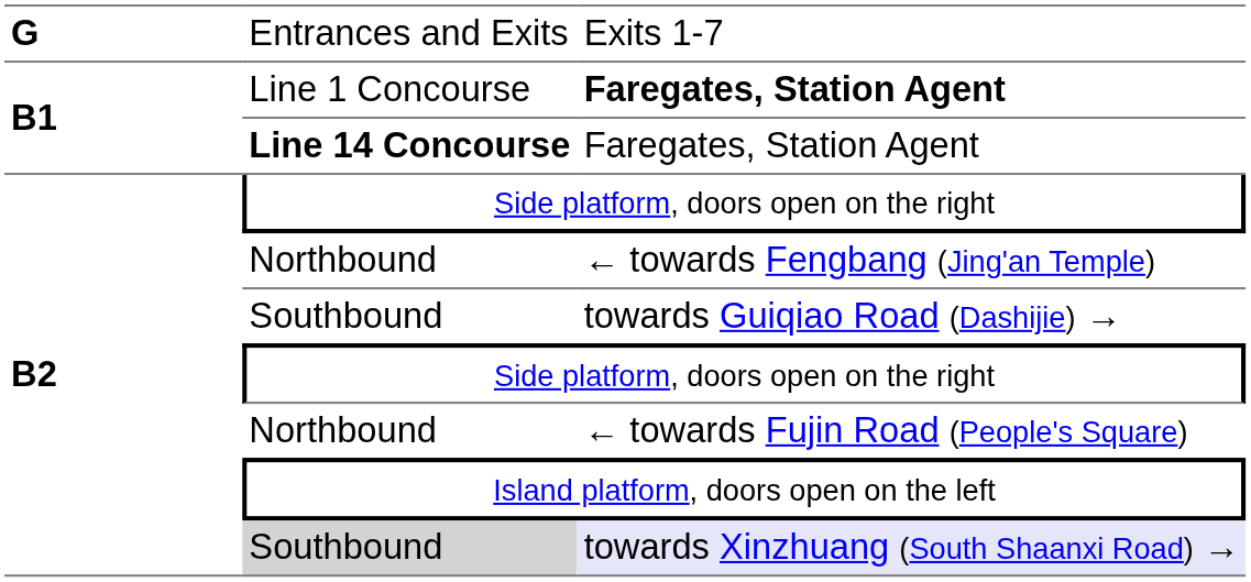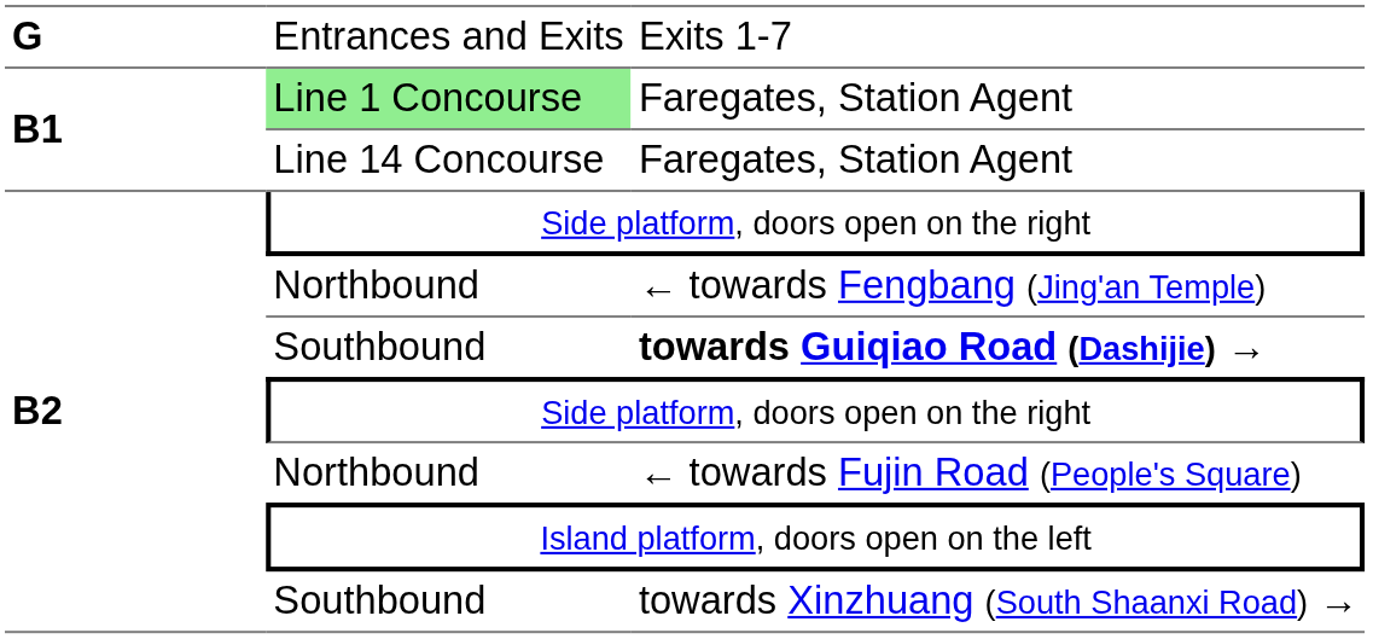 <table cellspacing=0 cellpadding=3>
 <tr>
 <td style="border-top:solid 1px gray;border-bottom:solid 1px gray;" width=100><strong>G</strong></td>
 <td style="border-top:solid 1px gray;border-bottom:solid 1px gray;">Entrances and Exits</td>
 <td style="border-top:solid 1px gray;border-bottom:solid 1px gray;">Exits 1-7</td>
 </tr>
 <tr>
 <td style="border-bottom:solid 1px gray;" rowspan=2><strong>B1</strong></td>
-<td style="border-bottom:solid 1px gray;">Line 1 Concourse</td>
-<td style="border-bottom:solid 1px gray;"><strong>Faregates, Station Agent</strong></td>
+<td style="background: lightgreen; border-bottom:solid 1px gray;">Line 1 Concourse</td>
+<td style="border-bottom:solid 1px gray;">Faregates, Station Agent</td>
 </tr>
 <tr>
-<td style="border-bottom:solid 1px gray;"><strong>Line 14 Concourse</strong></td>
+<td style="border-bottom:solid 1px gray;">Line 14 Concourse</td>
 <td style="border-bottom:solid 1px gray;">Faregates, Station Agent</td>
 </tr>
 <tr>
 <td style="border-bottom:solid 1px gray;" rowspan=7><strong>B2</strong></td>
 <td style="border-right:solid 2px black;border-left:solid 2px black;border-bottom:solid 2px black;text-align:center;" colspan=2><small><a href='#'>Side platform</a>, doors open on the right</small></td>
 </tr>
 <tr>
 <td style="border-bottom:solid 1px gray;">Northbound</td>
 <td style="border-bottom:solid 1px gray;">←  towards <a href='#'>Fengbang</a> <small>(<a href='#'>Jing'an Temple</a>)</small></td>
 </tr>
 <tr>
 <td>Southbound</td>
-<td>  towards <a href='#'>Guiqiao Road</a> <small>(<a href='#'>Dashijie</a>)</small> →</td>
+<td><strong>  towards <a href='#'>Guiqiao Road</a> <small>(<a href='#'>Dashijie</a>)</small> →</strong></td>
 </tr>
 <tr>
 <td style="border-top:solid 2px black;border-right:solid 2px black;border-left:solid 2px black;border-bottom:solid 1px gray;text-align:center;" colspan=2><small><a href='#'>Side platform</a>, doors open on the right</small></td>
 </tr>
 <tr>
 <td>Northbound</td>
 <td>←  towards <a href='#'>Fujin Road</a> <small>(<a href='#'>People's Square</a>)</small></td>
 </tr>
 <tr>
 <td style="border-right:solid 2px black;border-left:solid 2px black;border-top:solid 2px black;border-bottom:solid 2px black;text-align:center;" colspan=2><small><a href='#'>Island platform</a>, doors open on the left</small></td>
 </tr>
 <tr>
-<td style="background: lightgrey; border-bottom:solid 1px gray;">Southbound</td>
-<td style="background: lavender; border-bottom:solid 1px gray;">  towards <a href='#'>Xinzhuang</a> <small>(<a href='#'>South Shaanxi Road</a>)</small> →</td>
+<td style="border-bottom:solid 1px gray;">Southbound</td>
+<td style="border-bottom:solid 1px gray;">  towards <a href='#'>Xinzhuang</a> <small>(<a href='#'>South Shaanxi Road</a>)</small> →</td>
 </tr>
 </table>
